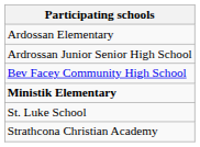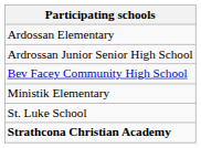 <table class="wikitable" align=right>
 <tr>
 <th>Participating schools</th>
 </tr>
 <tr>
 <td>Ardossan Elementary</td>
 </tr>
 <tr>
 <td>Ardrossan Junior Senior High School</td>
 </tr>
 <tr>
 <td><a href='#'>Bev Facey Community High School</a></td>
 </tr>
 <tr>
-<td><strong>Ministik Elementary</strong></td>
+<td>Ministik Elementary</td>
 </tr>
 <tr>
 <td>St. Luke School</td>
 </tr>
 <tr>
-<td>Strathcona Christian Academy</td>
+<td><strong>Strathcona Christian Academy</strong></td>
 </tr>
 </table>
